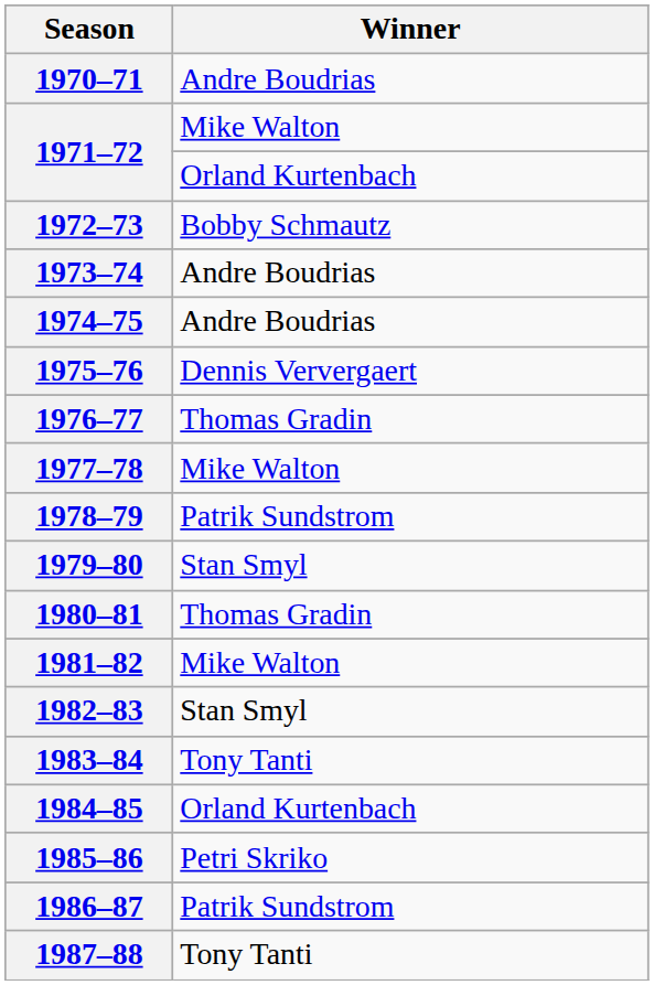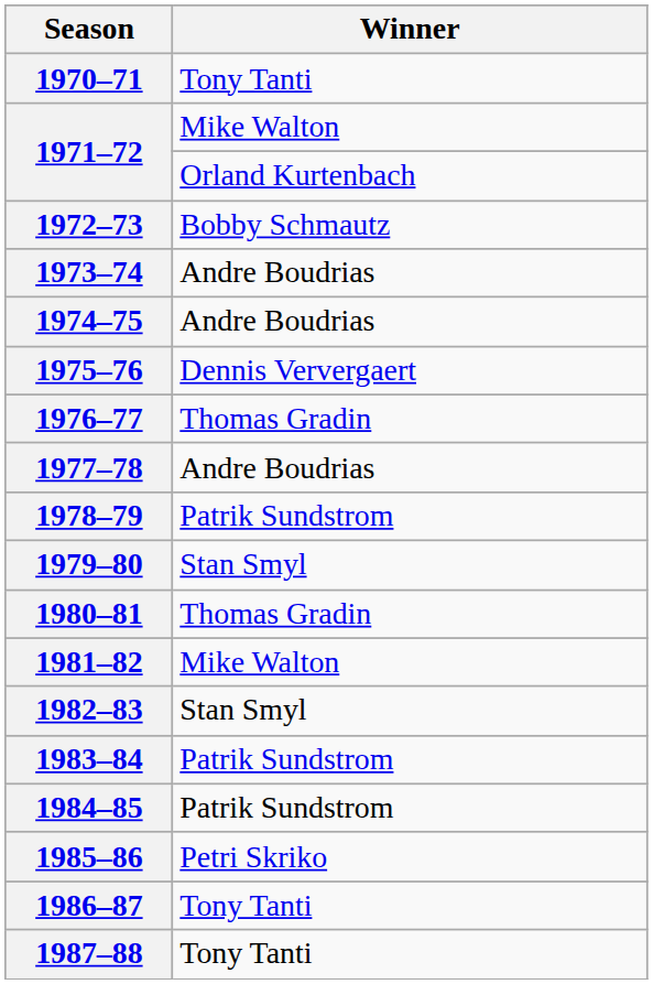 <table class="wikitable">
 <tr>
 <th scope="col" style="width:5em">Season</th>
 <th scope="col" style="width:15em">Winner</th>
 </tr>
 <tr>
 <th scope="row"><a href='#'>1970–71</a></th>
-<td><a href='#'>Andre Boudrias</a></td>
+<td><a href='#'>Tony Tanti</a></td>
 </tr>
 <tr>
 <th scope="row" rowspan="2"><a href='#'>1971–72</a></th>
 <td><a href='#'>Mike Walton</a></td>
 </tr>
 <tr>
 <td><a href='#'>Orland Kurtenbach</a></td>
 </tr>
 <tr>
 <th scope="row"><a href='#'>1972–73</a></th>
 <td><a href='#'>Bobby Schmautz</a></td>
 </tr>
 <tr>
 <th scope="row"><a href='#'>1973–74</a></th>
 <td>Andre Boudrias</td>
 </tr>
 <tr>
 <th scope="row"><a href='#'>1974–75</a></th>
 <td>Andre Boudrias</td>
 </tr>
 <tr>
 <th scope="row"><a href='#'>1975–76</a></th>
 <td><a href='#'>Dennis Ververgaert</a></td>
 </tr>
 <tr>
 <th scope="row"><a href='#'>1976–77</a></th>
 <td><a href='#'>Thomas Gradin</a></td>
 </tr>
 <tr>
 <th scope="row"><a href='#'>1977–78</a></th>
-<td><a href='#'>Mike Walton</a></td>
+<td>Andre Boudrias</td>
 </tr>
 <tr>
 <th scope="row"><a href='#'>1978–79</a></th>
 <td><a href='#'>Patrik Sundstrom</a></td>
 </tr>
 <tr>
 <th scope="row"><a href='#'>1979–80</a></th>
 <td><a href='#'>Stan Smyl</a></td>
 </tr>
 <tr>
 <th scope="row"><a href='#'>1980–81</a></th>
 <td><a href='#'>Thomas Gradin</a></td>
 </tr>
 <tr>
 <th scope="row"><a href='#'>1981–82</a></th>
 <td><a href='#'>Mike Walton</a></td>
 </tr>
 <tr>
 <th scope="row"><a href='#'>1982–83</a></th>
 <td>Stan Smyl</td>
 </tr>
 <tr>
 <th scope="row"><a href='#'>1983–84</a></th>
-<td><a href='#'>Tony Tanti</a></td>
+<td><a href='#'>Patrik Sundstrom</a></td>
 </tr>
 <tr>
 <th scope="row"><a href='#'>1984–85</a></th>
-<td><a href='#'>Orland Kurtenbach</a></td>
+<td>Patrik Sundstrom</td>
 </tr>
 <tr>
 <th scope="row"><a href='#'>1985–86</a></th>
 <td><a href='#'>Petri Skriko</a></td>
 </tr>
 <tr>
 <th scope="row"><a href='#'>1986–87</a></th>
-<td><a href='#'>Patrik Sundstrom</a></td>
+<td><a href='#'>Tony Tanti</a></td>
 </tr>
 <tr>
 <th scope="row"><a href='#'>1987–88</a></th>
 <td>Tony Tanti</td>
 </tr>
 </table>
